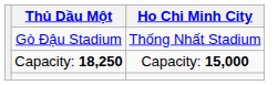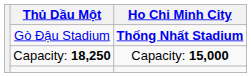 <table class="wikitable" style="text-align:center">
 <tr>
 <th rowspan="4"></th>
 <th><a href='#'>Thủ Dầu Một</a></th>
 <th><a href='#'>Ho Chi Minh City</a></th>
 </tr>
 <tr>
 <td><a href='#'>Gò Đậu Stadium</a></td>
-<td><a href='#'>Thống Nhất Stadium</a></td>
+<td><strong><a href='#'>Thống Nhất Stadium</a></strong></td>
 </tr>
 <tr>
 <td>Capacity: <strong>18,250</strong></td>
 <td>Capacity: <strong>15,000</strong></td>
 </tr>
 <tr>
 <td></td>
 <td></td>
 </tr>
 </table>
